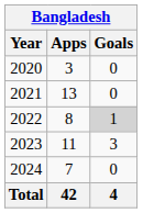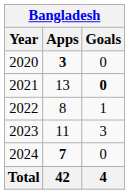 <table class="wikitable" style="text-align:center">
 <tr>
 <th colspan=11><a href='#'>Bangladesh</a></th>
 </tr>
 <tr>
 <th>Year</th>
 <th>Apps</th>
 <th>Goals</th>
 </tr>
 <tr>
 <td>2020</td>
-<td>3</td>
+<td><strong>3</strong></td>
 <td>0</td>
 </tr>
 <tr>
 <td>2021</td>
 <td>13</td>
-<td>0</td>
+<td><strong>0</strong></td>
 </tr>
 <tr>
 <td>2022</td>
 <td>8</td>
-<td style="background: lightgrey;">1</td>
+<td>1</td>
 </tr>
 <tr>
 <td>2023</td>
 <td>11</td>
 <td>3</td>
 </tr>
 <tr>
 <td>2024</td>
-<td>7</td>
+<td><strong>7</strong></td>
 <td>0</td>
 </tr>
 <tr>
 <th>Total</th>
 <th>42</th>
 <th>4</th>
 </tr>
 </table>
